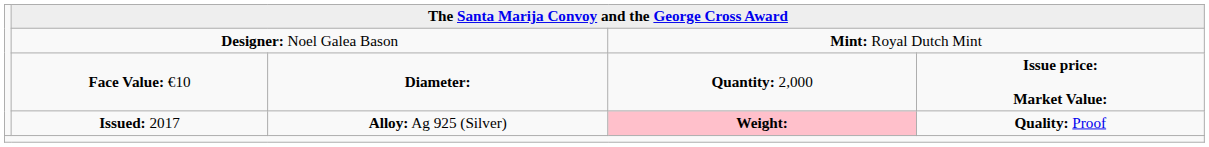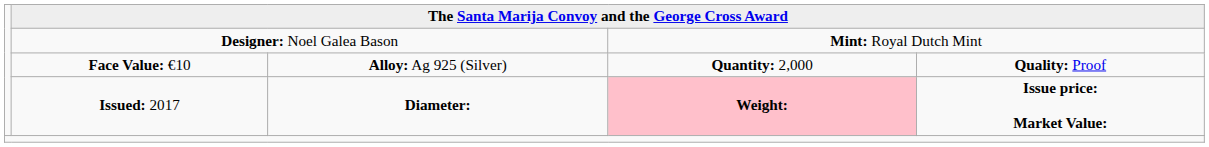 <table class="wikitable" width=100%>
 <tr>
 <td rowspan=4 width="330px" nowrap align=center></td>
 <th colspan="4" align=center style="background:#eeeeee;">The <a href='#'>Santa Marija Convoy</a> and the <a href='#'>George Cross Award</a></th>
 </tr>
 <tr>
 <td colspan="2" width="50%" align=center><strong>Designer:</strong> Noel Galea Bason</td>
 <td colspan="2" width="50%" align=center><strong>Mint:</strong> Royal Dutch Mint</td>
 </tr>
 <tr>
 <td align=center><strong>Face Value:</strong> €10</td>
-<td align=center><strong>Diameter:</strong> </td>
+<td align=center><strong>Alloy:</strong> Ag 925 (Silver)</td>
 <td align=center><strong>Quantity:</strong> 2,000</td>
-<td align=center><strong>Issue price:</strong><br><br> <strong>Market Value:</strong></td>
+<td align=center><strong>Quality:</strong> <a href='#'>Proof</a></td>
 </tr>
 <tr>
 <td align=center><strong>Issued:</strong> 2017</td>
-<td align=center><strong>Alloy:</strong> Ag 925 (Silver)</td>
+<td align=center><strong>Diameter:</strong> </td>
 <td align=center style="background: pink;"><strong>Weight:</strong> </td>
-<td align=center><strong>Quality:</strong> <a href='#'>Proof</a></td>
+<td align=center><strong>Issue price:</strong><br><br> <strong>Market Value:</strong></td>
 </tr>
 <tr>
 <td colspan="5" align=left></td>
 </tr>
 </table>
